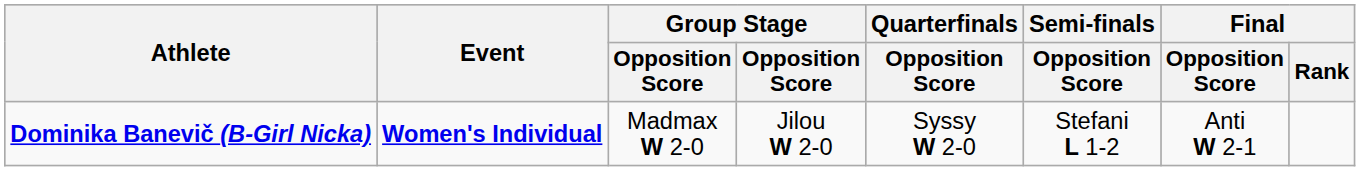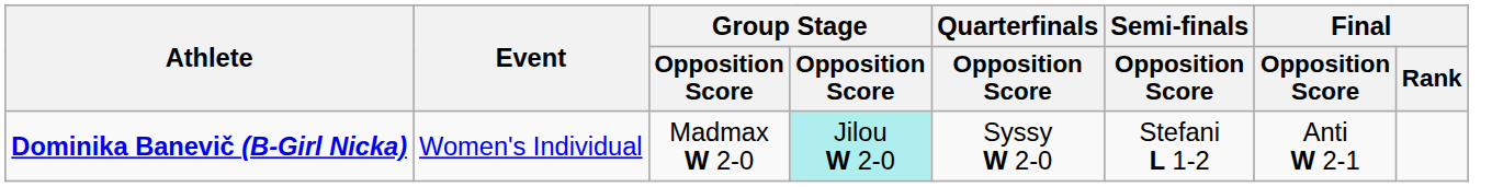 <table class="wikitable" style="font-size:90%">
 <tr>
 <th rowspan="2">Athlete</th>
 <th rowspan="2">Event</th>
 <th colspan="2">Group Stage</th>
 <th>Quarterfinals</th>
 <th>Semi-finals</th>
 <th colspan="2">Final</th>
 </tr>
 <tr style="font-size:95%">
 <th>Opposition<br>Score</th>
 <th>Opposition<br>Score</th>
 <th>Opposition<br>Score</th>
 <th>Opposition<br>Score</th>
 <th>Opposition<br>Score</th>
 <th>Rank</th>
 </tr>
 <tr align="center">
 <td align="left"><strong><a href='#'>Dominika Banevič <em>(B-Girl Nicka)</em></a></strong></td>
-<td align="left"><strong><a href='#'>Women's Individual</a></strong></td>
+<td align="left"><a href='#'>Women's Individual</a></td>
 <td> Madmax <br> <strong>W</strong> 2-0</td>
-<td> Jilou <br> <strong>W</strong> 2-0</td>
+<td style="background: paleturquoise;"> Jilou <br> <strong>W</strong> 2-0</td>
 <td> Syssy <br> <strong>W</strong> 2-0</td>
 <td> Stefani <br> <strong>L</strong> 1-2</td>
 <td> Anti <br> <strong>W</strong> 2-1</td>
 <td></td>
 </tr>
 </table>
